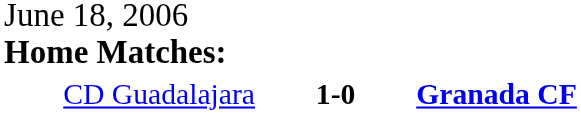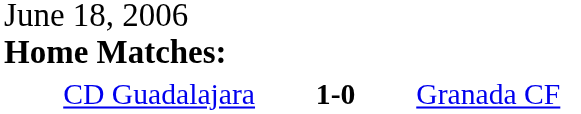 <table width=100% cellspacing=1>
 <tr>
 <th width=20%></th>
 <th width=12%></th>
 <th width=20%></th>
 <th></th>
 </tr>
 <tr>
 <td>June 18, 2006<br><strong>Home Matches:</strong></td>
 </tr>
 <tr style=font-size:90%>
 <td align=right><a href='#'>CD Guadalajara</a></td>
 <td align=center><strong>1-0</strong></td>
-<td><strong><a href='#'>Granada CF</a></strong></td>
+<td><a href='#'>Granada CF</a></td>
 </tr>
 </table>
